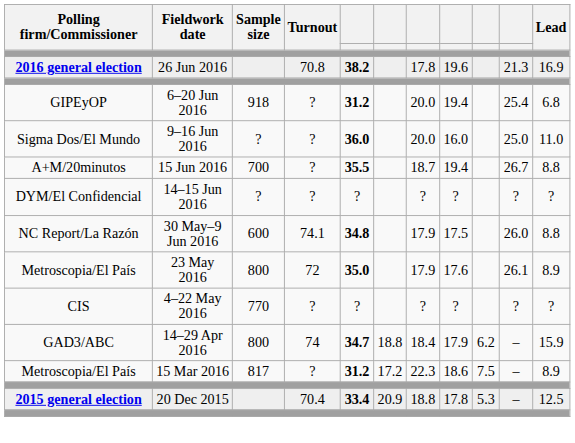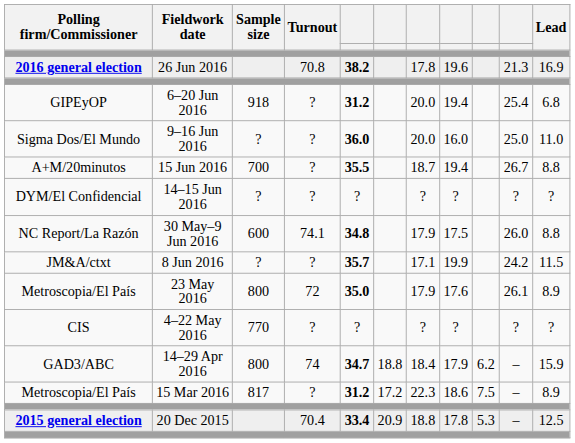 <table class="wikitable collapsible collapsed" style="text-align:center; font-size:95%; line-height:16px;">
 <tr style="height:42px; background-color:#E9E9E9">
 <th style="width:250px;" rowspan="2">Polling firm/Commissioner</th>
 <th style="width:125px;" rowspan="2">Fieldwork date</th>
 <th style="width:50px;" rowspan="2">Sample size</th>
 <th style="width:45px;" rowspan="2">Turnout</th>
 <th style="width:35px;"></th>
 <th style="width:35px;"></th>
 <th style="width:35px;"></th>
 <th style="width:35px;"></th>
 <th style="width:35px;"></th>
 <th style="width:35px;"></th>
 <th style="width:30px;" rowspan="2">Lead</th>
 </tr>
 <tr>
 <th style="color:inherit;background:"></th>
 <th style="color:inherit;background:"></th>
 <th style="color:inherit;background:"></th>
 <th style="color:inherit;background:"></th>
 <th style="color:inherit;background:"></th>
 <th style="color:inherit;background:"></th>
 </tr>
 <tr>
 <td colspan="11" style="background:#A0A0A0"></td>
 </tr>
 <tr style="background:#EFEFEF;">
 <td><strong><a href='#'>2016 general election</a></strong></td>
 <td>26 Jun 2016</td>
 <td></td>
 <td>70.8</td>
 <td><strong>38.2</strong><br></td>
 <td></td>
 <td>17.8<br></td>
 <td>19.6<br></td>
 <td></td>
 <td>21.3<br></td>
 <td style="background:">16.9</td>
 </tr>
 <tr>
 <td colspan="11" style="background:#A0A0A0"></td>
 </tr>
 <tr>
 <td>GIPEyOP</td>
 <td>6–20 Jun 2016</td>
 <td>918</td>
 <td>?</td>
 <td><strong>31.2</strong><br></td>
 <td></td>
 <td>20.0<br></td>
 <td>19.4<br></td>
 <td></td>
 <td>25.4<br></td>
 <td style="background:">6.8</td>
 </tr>
 <tr>
 <td>Sigma Dos/El Mundo</td>
 <td>9–16 Jun 2016</td>
 <td>?</td>
 <td>?</td>
 <td><strong>36.0</strong><br></td>
 <td></td>
 <td>20.0<br></td>
 <td>16.0<br></td>
 <td></td>
 <td>25.0<br></td>
 <td style="background:">11.0</td>
 </tr>
 <tr>
 <td>A+M/20minutos</td>
 <td>15 Jun 2016</td>
 <td>700</td>
 <td>?</td>
 <td><strong>35.5</strong><br></td>
 <td></td>
 <td>18.7<br></td>
 <td>19.4<br></td>
 <td></td>
 <td>26.7<br></td>
 <td style="background:">8.8</td>
 </tr>
 <tr>
 <td>DYM/El Confidencial</td>
 <td>14–15 Jun 2016</td>
 <td>?</td>
 <td>?</td>
 <td>?<br></td>
 <td></td>
 <td>?<br></td>
 <td>?<br></td>
 <td></td>
 <td>?<br></td>
 <td style="background:">?</td>
 </tr>
 <tr>
 <td>NC Report/La Razón</td>
 <td>30 May–9 Jun 2016</td>
 <td>600</td>
 <td>74.1</td>
 <td><strong>34.8</strong><br></td>
 <td></td>
 <td>17.9<br></td>
 <td>17.5<br></td>
 <td></td>
 <td>26.0<br></td>
 <td style="background:">8.8</td>
 </tr>
 <tr>
+<td>JM&A/ctxt</td>
+<td>8 Jun 2016</td>
+<td>?</td>
+<td>?</td>
+<td><strong>35.7</strong><br></td>
+<td></td>
+<td>17.1<br></td>
+<td>19.9<br></td>
+<td></td>
+<td>24.2<br></td>
+<td style="background:">11.5</td>
+</tr>
+<tr>
 <td>Metroscopia/El País</td>
 <td>23 May 2016</td>
 <td>800</td>
 <td>72</td>
 <td><strong>35.0</strong><br></td>
 <td></td>
 <td>17.9<br></td>
 <td>17.6<br></td>
 <td></td>
 <td>26.1<br></td>
 <td style="background:">8.9</td>
 </tr>
 <tr>
 <td>CIS</td>
 <td>4–22 May 2016</td>
 <td>770</td>
 <td>?</td>
 <td>?<br></td>
 <td></td>
 <td>?<br></td>
 <td>?<br></td>
 <td></td>
 <td>?<br></td>
 <td style="background:">?</td>
 </tr>
 <tr>
 <td>GAD3/ABC</td>
 <td>14–29 Apr 2016</td>
 <td>800</td>
 <td>74</td>
 <td><strong>34.7</strong><br></td>
 <td>18.8<br></td>
 <td>18.4<br></td>
 <td>17.9<br></td>
 <td>6.2<br></td>
 <td>–</td>
 <td style="background:">15.9</td>
 </tr>
 <tr>
 <td>Metroscopia/El País</td>
 <td>15 Mar 2016</td>
 <td>817</td>
 <td>?</td>
 <td><strong>31.2</strong><br></td>
 <td>17.2<br></td>
 <td>22.3<br></td>
 <td>18.6<br></td>
 <td>7.5<br></td>
 <td>–</td>
 <td style="background:">8.9</td>
 </tr>
 <tr>
 <td colspan="11" style="background:#A0A0A0"></td>
 </tr>
 <tr style="background:#EFEFEF;">
 <td><strong><a href='#'>2015 general election</a></strong></td>
 <td>20 Dec 2015</td>
 <td></td>
 <td>70.4</td>
 <td><strong>33.4</strong><br></td>
 <td>20.9<br></td>
 <td>18.8<br></td>
 <td>17.8<br></td>
 <td>5.3<br></td>
 <td>–</td>
 <td style="background:">12.5</td>
 </tr>
 <tr>
 <td colspan="11" style="background:#A0A0A0"></td>
 </tr>
 </table>
